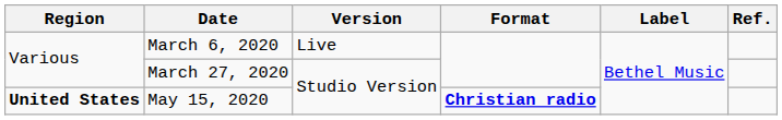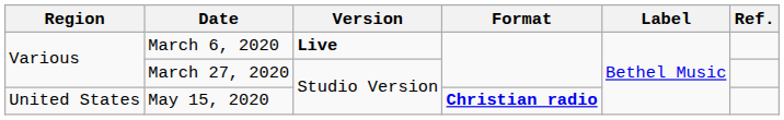 <table class="wikitable plainrowheaders">
 <tr>
 <th scope="col">Region</th>
 <th scope="col">Date</th>
 <th scope="col">Version</th>
 <th scope="col">Format</th>
 <th scope="col">Label</th>
 <th scope="col">Ref.</th>
 </tr>
 <tr>
 <td rowspan="2">Various</td>
 <td>March 6, 2020</td>
-<td>Live</td>
+<td><strong>Live</strong></td>
 <td rowspan="2"></td>
 <td rowspan="3"><a href='#'>Bethel Music</a></td>
 <td></td>
 </tr>
 <tr>
 <td>March 27, 2020</td>
 <td rowspan="2">Studio Version</td>
 <td></td>
 </tr>
 <tr>
-<td><strong>United States</strong></td>
+<td>United States</td>
 <td>May 15, 2020</td>
 <td><strong><a href='#'>Christian radio</a></strong></td>
 <td></td>
 </tr>
 </table>
